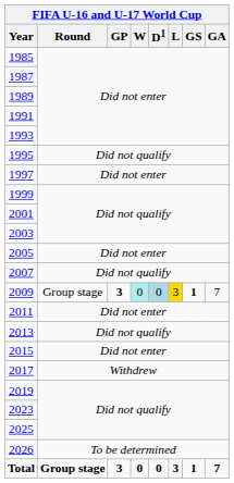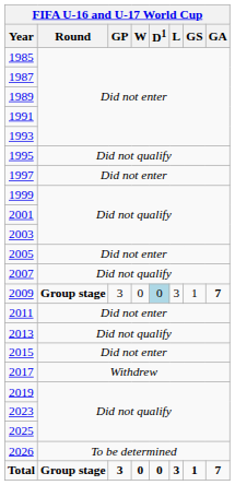 <table class="wikitable" style="text-align: center;">
 <tr>
 <th colspan=8><a href='#'>FIFA U-16 and U-17 World Cup</a></th>
 </tr>
 <tr>
 <th>Year</th>
 <th>Round</th>
 <th>GP</th>
 <th>W</th>
 <th>D<sup>1</sup></th>
 <th>L</th>
 <th>GS</th>
 <th>GA</th>
 </tr>
 <tr>
 <td> <a href='#'>1985</a></td>
 <td colspan=7 rowspan=5><em>Did not enter</em></td>
 </tr>
 <tr>
 <td> <a href='#'>1987</a></td>
 </tr>
 <tr>
 <td> <a href='#'>1989</a></td>
 </tr>
 <tr>
 <td> <a href='#'>1991</a></td>
 </tr>
 <tr>
 <td> <a href='#'>1993</a></td>
 </tr>
 <tr>
 <td> <a href='#'>1995</a></td>
 <td colspan=7><em>Did not qualify</em></td>
 </tr>
 <tr>
 <td> <a href='#'>1997</a></td>
 <td colspan=7><em>Did not enter</em></td>
 </tr>
 <tr>
 <td> <a href='#'>1999</a></td>
 <td colspan=7 rowspan=3><em>Did not qualify</em></td>
 </tr>
 <tr>
 <td> <a href='#'>2001</a></td>
 </tr>
 <tr>
 <td> <a href='#'>2003</a></td>
 </tr>
 <tr>
 <td> <a href='#'>2005</a></td>
 <td colspan=7><em>Did not enter</em></td>
 </tr>
 <tr>
 <td> <a href='#'>2007</a></td>
 <td colspan=7><em>Did not qualify</em></td>
 </tr>
 <tr>
 <td> <a href='#'>2009</a></td>
-<td>Group stage</td>
-<td><strong>3</strong></td>
-<td style="background: paleturquoise;">0</td>
+<td><strong>Group stage</strong></td>
+<td>3</td>
+<td>0</td>
 <td style="background: lightblue;">0</td>
-<td style="background: gold;">3</td>
-<td><strong>1</strong></td>
-<td>7</td>
+<td>3</td>
+<td>1</td>
+<td><strong>7</strong></td>
 </tr>
 <tr>
 <td> <a href='#'>2011</a></td>
 <td colspan=7><em>Did not enter</em></td>
 </tr>
 <tr>
 <td> <a href='#'>2013</a></td>
 <td colspan=7><em>Did not qualify</em></td>
 </tr>
 <tr>
 <td> <a href='#'>2015</a></td>
 <td colspan=7><em>Did not enter</em></td>
 </tr>
 <tr>
 <td> <a href='#'>2017</a></td>
 <td colspan=7><em>Withdrew</em></td>
 </tr>
 <tr>
 <td> <a href='#'>2019</a></td>
 <td colspan=7 rowspan=3><em>Did not qualify</em></td>
 </tr>
 <tr>
 <td> <a href='#'>2023</a></td>
 </tr>
 <tr>
 <td> <a href='#'>2025</a></td>
 </tr>
 <tr>
 <td> <a href='#'>2026</a></td>
 <td colspan=7><em>To be determined</em></td>
 </tr>
 <tr>
 <td><strong>Total</strong></td>
 <td><strong>Group stage</strong></td>
 <td><strong>3</strong></td>
 <td><strong>0</strong></td>
 <td><strong>0</strong></td>
 <td><strong>3</strong></td>
 <td><strong>1</strong></td>
 <td><strong>7</strong></td>
 </tr>
 </table>
